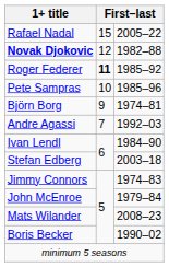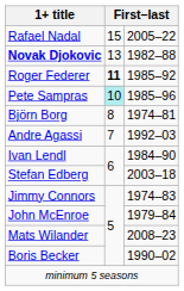 <table class="wikitable" style="display:inline-table;">
 <tr>
 <th>1+ title</th>
 <th colspan=2>First–last</th>
 </tr>
 <tr>
 <td> <a href='#'>Rafael Nadal</a></td>
 <td>15</td>
 <td>2005–22</td>
 </tr>
 <tr>
 <td> <strong><a href='#'>Novak Djokovic</a></strong></td>
-<td>12</td>
+<td>13</td>
 <td>1982–88</td>
 </tr>
 <tr>
 <td> <a href='#'>Roger Federer</a></td>
 <td><strong>11</strong></td>
 <td>1985–92</td>
 </tr>
 <tr>
 <td> <a href='#'>Pete Sampras</a></td>
-<td>10</td>
+<td style="background: paleturquoise;">10</td>
 <td>1985–96</td>
 </tr>
 <tr>
 <td> <a href='#'>Björn Borg</a></td>
-<td>9</td>
+<td>8</td>
 <td>1974–81</td>
 </tr>
 <tr>
 <td> <a href='#'>Andre Agassi</a></td>
 <td>7</td>
 <td>1992–03</td>
 </tr>
 <tr>
 <td> <a href='#'>Ivan Lendl</a></td>
 <td rowspan="2">6</td>
 <td>1984–90</td>
 </tr>
 <tr>
 <td> <a href='#'>Stefan Edberg</a></td>
 <td>2003–18</td>
 </tr>
 <tr>
 <td> <a href='#'>Jimmy Connors</a></td>
 <td rowspan="4">5</td>
 <td>1974–83</td>
 </tr>
 <tr>
 <td> <a href='#'>John McEnroe</a></td>
 <td>1979–84</td>
 </tr>
 <tr>
 <td> <a href='#'>Mats Wilander</a></td>
 <td>2008–23</td>
 </tr>
 <tr>
 <td> <a href='#'>Boris Becker</a></td>
 <td>1990–02</td>
 </tr>
 <tr>
 <td colspan="3" style="text-align: center;"><small><em>minimum 5 seasons </em></small></td>
 </tr>
 </table>
